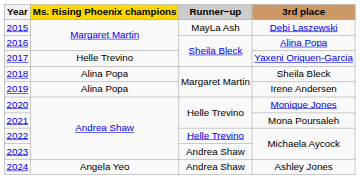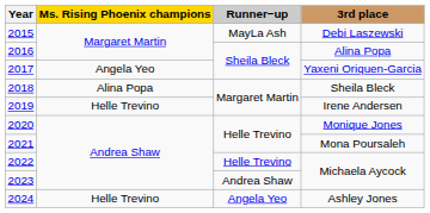 <table class="wikitable sortable" style="text-align: center">
 <tr>
 <th>Year</th>
 <th style="background-color:gold;">Ms. Rising Phoenix champions</th>
 <th style="background-color:#CCC;">Runner−up</th>
 <th style="background-color:#C96;">3rd place</th>
 </tr>
 <tr>
 <td><a href='#'>2015</a></td>
 <td rowspan=2 colspan=1> <a href='#'>Margaret Martin</a></td>
 <td> MayLa Ash</td>
 <td> <a href='#'>Debi Laszewski</a></td>
 </tr>
 <tr>
 <td><a href='#'>2016</a></td>
 <td rowspan=2 colspan=1> <a href='#'>Sheila Bleck</a></td>
 <td> <a href='#'>Alina Popa</a></td>
 </tr>
 <tr>
 <td><a href='#'>2017</a></td>
-<td> Helle Trevino</td>
+<td> Angela Yeo</td>
 <td> <a href='#'>Yaxeni Oriquen-Garcia</a></td>
 </tr>
 <tr>
 <td><a href='#'>2018</a></td>
 <td> Alina Popa</td>
 <td rowspan=2 colspan=1> Margaret Martin</td>
 <td> Sheila Bleck</td>
 </tr>
 <tr>
 <td><a href='#'>2019</a></td>
-<td> Alina Popa</td>
+<td> Helle Trevino</td>
 <td> Irene Andersen</td>
 </tr>
 <tr>
 <td><a href='#'>2020</a></td>
 <td rowspan=4 colspan=1> <a href='#'>Andrea Shaw</a></td>
 <td rowspan=2 colspan=1> Helle Trevino</td>
 <td> <a href='#'>Monique Jones</a></td>
 </tr>
 <tr>
 <td><a href='#'>2021</a></td>
 <td> Mona Poursaleh</td>
 </tr>
 <tr>
 <td><a href='#'>2022</a></td>
 <td> <a href='#'>Helle Trevino</a></td>
 <td rowspan=2 colspan=1> Michaela Aycock</td>
 </tr>
 <tr>
 <td><a href='#'>2023</a></td>
 <td> Andrea Shaw</td>
 </tr>
 <tr>
 <td><a href='#'>2024</a></td>
-<td> Angela Yeo</td>
-<td> Andrea Shaw</td>
+<td> Helle Trevino</td>
+<td> <a href='#'>Angela Yeo</a></td>
 <td> Ashley Jones</td>
 </tr>
 </table>
